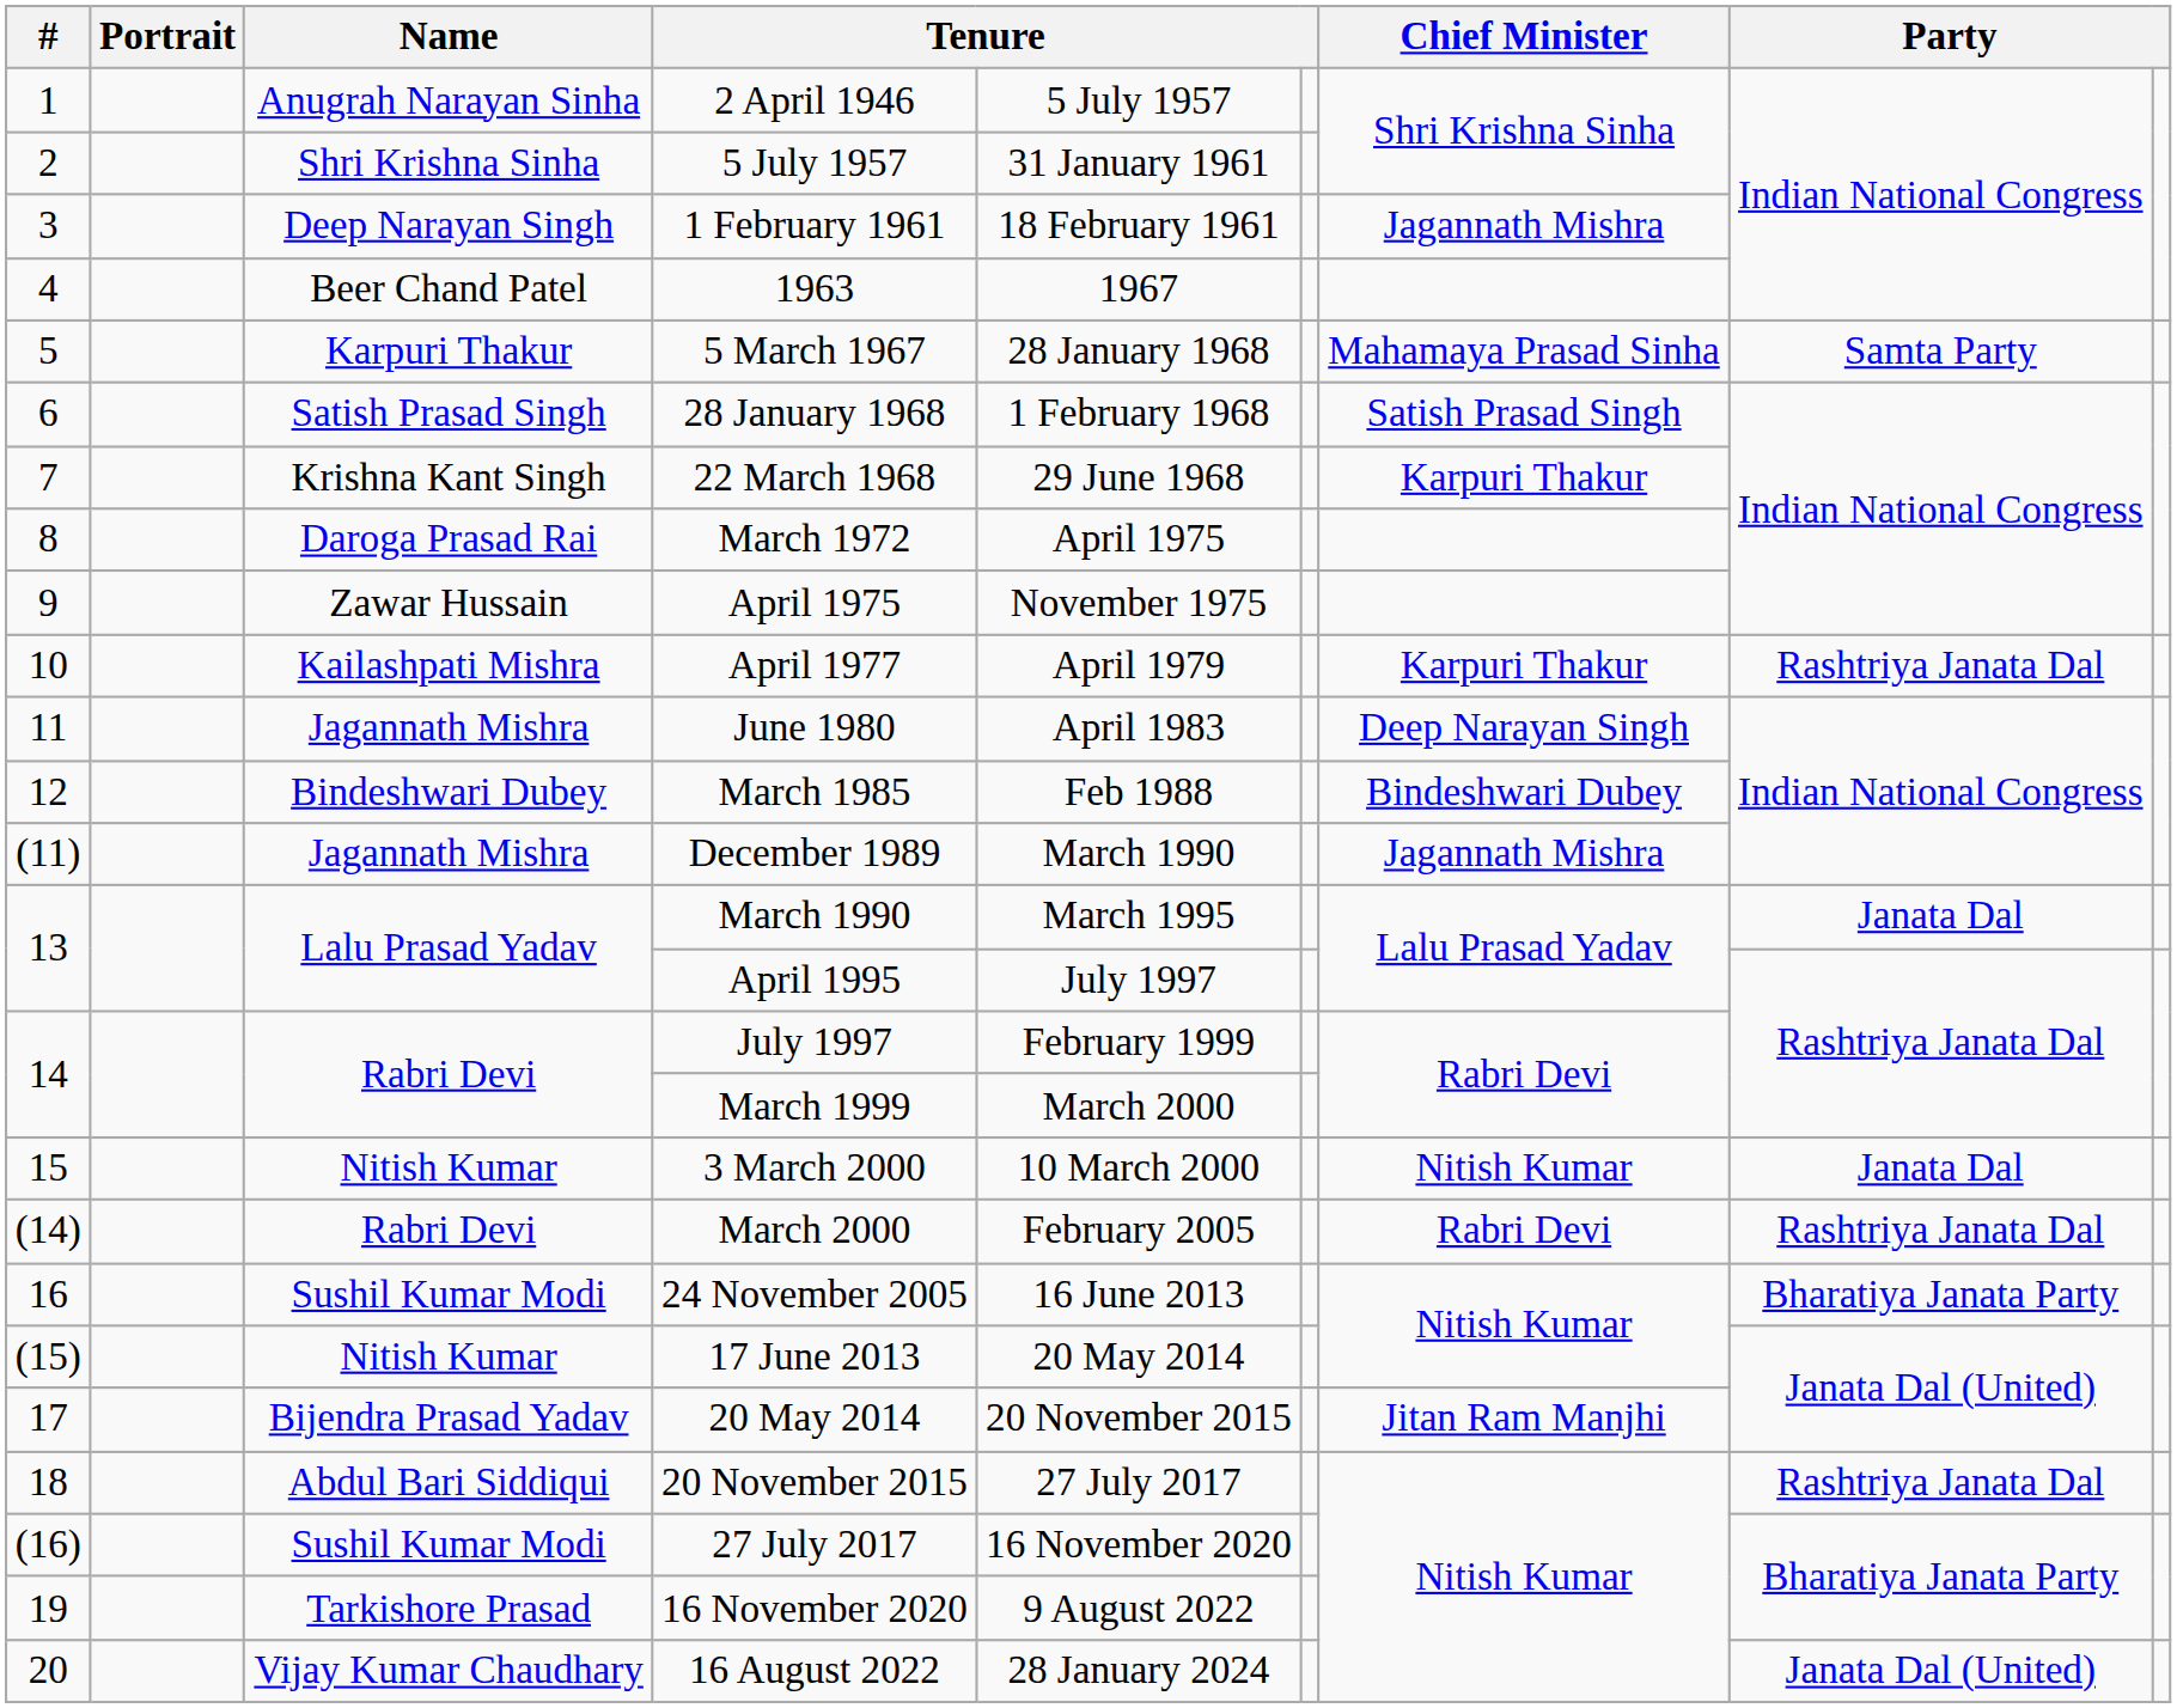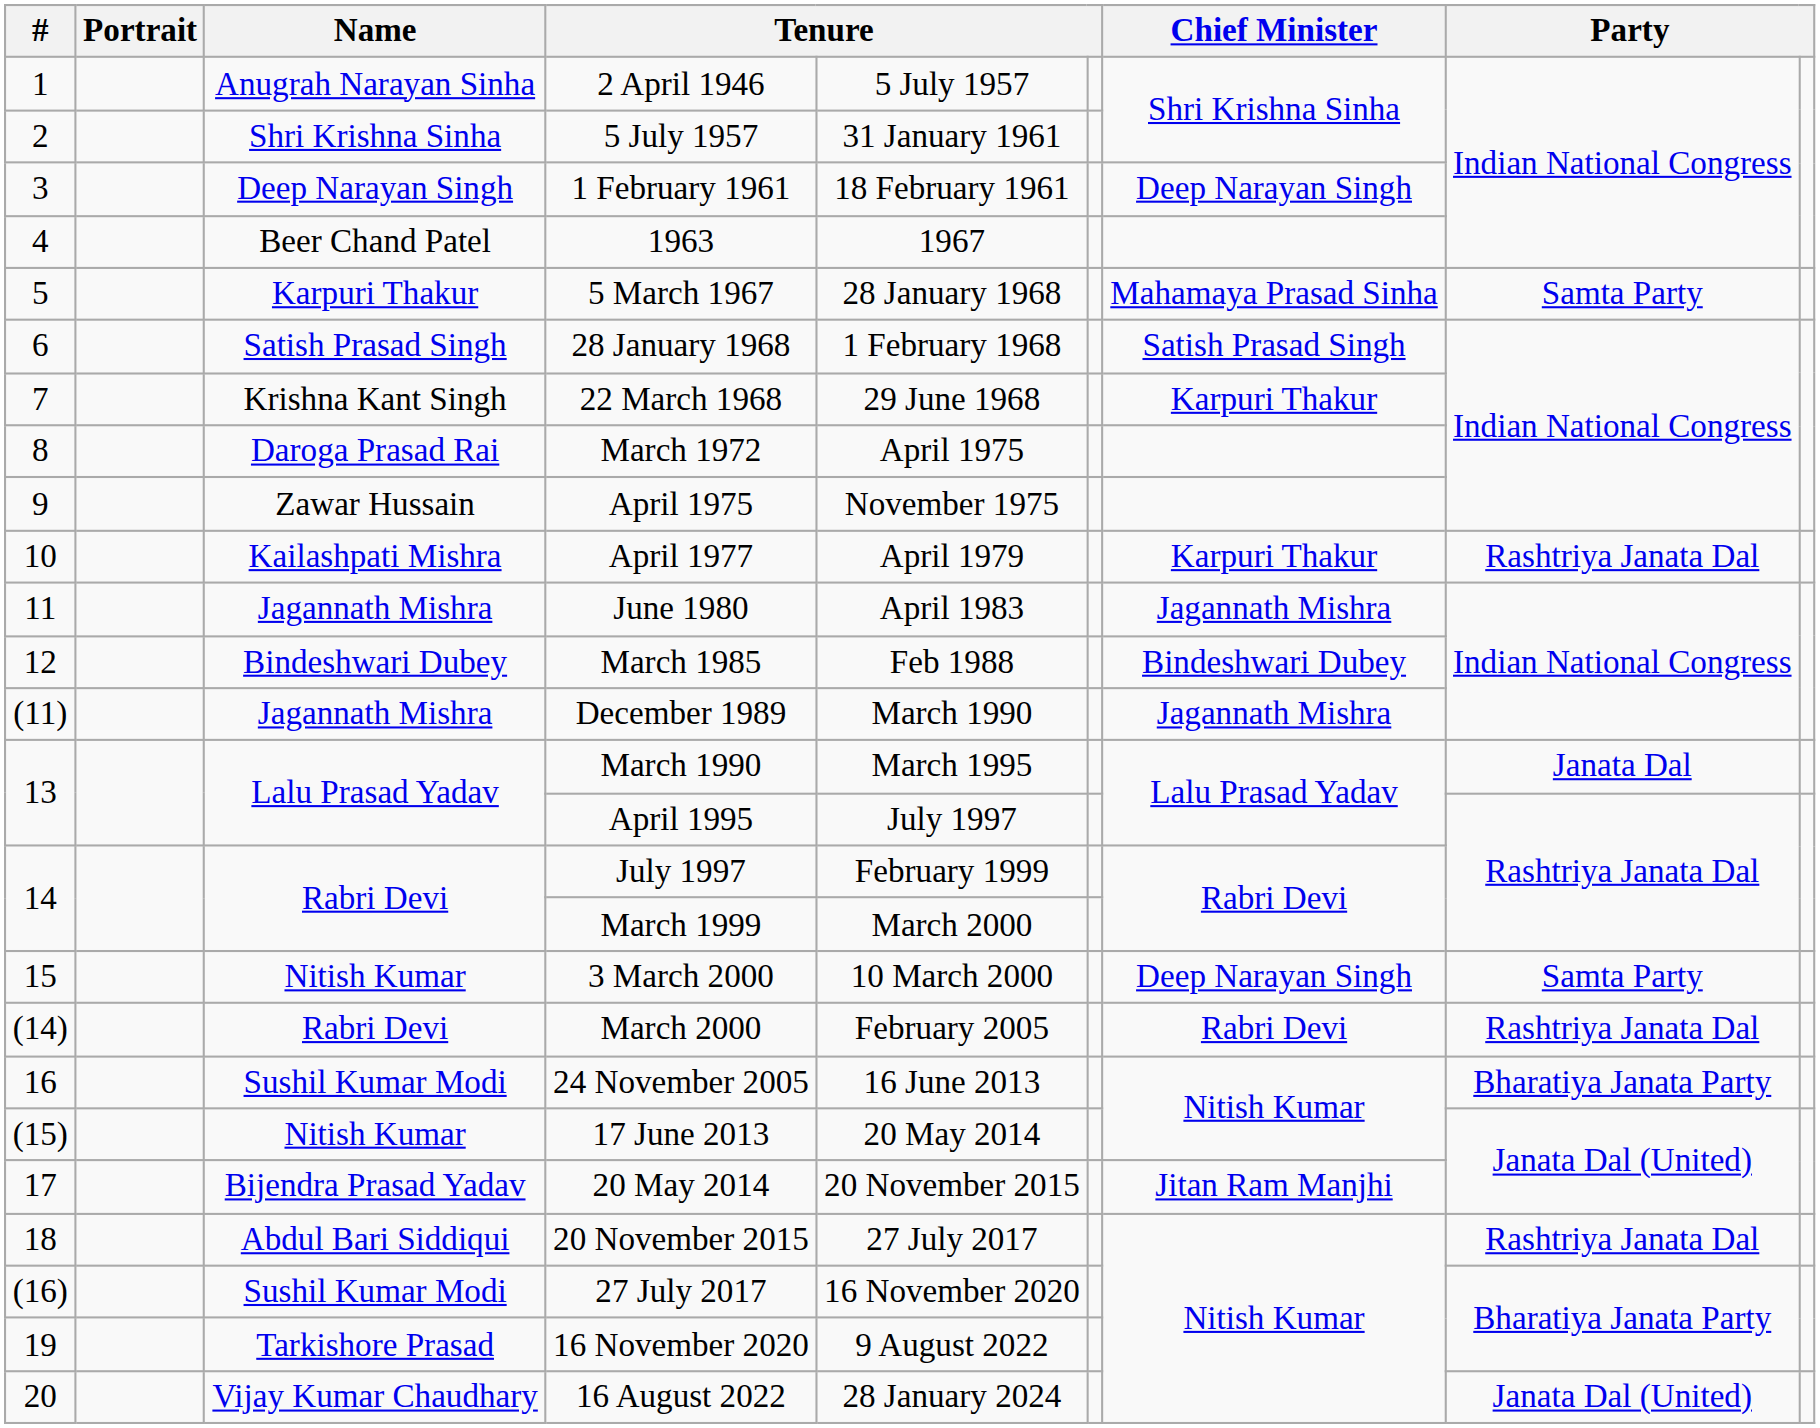 <table class="wikitable sortable">
 <tr>
 <th>#</th>
 <th>Portrait</th>
 <th>Name</th>
 <th colspan="3">Tenure</th>
 <th><a href='#'>Chief Minister</a></th>
 <th colspan="2">Party</th>
 </tr>
 <tr align="center">
 <td>1</td>
 <td></td>
 <td><a href='#'>Anugrah Narayan Sinha</a></td>
 <td>2 April 1946</td>
 <td>5 July 1957</td>
 <td></td>
 <td rowspan="2"><a href='#'>Shri Krishna Sinha</a></td>
 <td rowspan="4"><a href='#'>Indian National Congress</a></td>
 <td rowspan="4" style="background-color: "></td>
 </tr>
 <tr align="center">
 <td>2</td>
 <td></td>
 <td><a href='#'>Shri Krishna Sinha</a></td>
 <td>5 July 1957</td>
 <td>31 January 1961</td>
 <td></td>
 </tr>
 <tr align="center">
 <td>3</td>
 <td></td>
 <td><a href='#'>Deep Narayan Singh</a></td>
 <td>1 February 1961</td>
 <td>18 February 1961</td>
 <td></td>
-<td><a href='#'>Jagannath Mishra</a></td>
+<td><a href='#'>Deep Narayan Singh</a></td>
 </tr>
 <tr align="center">
 <td>4</td>
 <td></td>
 <td>Beer Chand Patel</td>
 <td>1963</td>
 <td>1967</td>
 <td></td>
 <td></td>
 </tr>
 <tr align="center">
 <td>5</td>
 <td></td>
 <td><a href='#'>Karpuri Thakur</a></td>
 <td>5 March 1967</td>
 <td>28 January 1968</td>
 <td></td>
 <td><a href='#'>Mahamaya Prasad Sinha</a></td>
 <td><a href='#'>Samta Party</a></td>
 <td style="background-color: "></td>
 </tr>
 <tr align="center">
 <td>6</td>
 <td></td>
 <td><a href='#'>Satish Prasad Singh</a></td>
 <td>28 January 1968</td>
 <td>1 February 1968</td>
 <td></td>
 <td><a href='#'>Satish Prasad Singh</a></td>
 <td rowspan="4"><a href='#'>Indian National Congress</a></td>
 <td rowspan="4" style="background-color: "></td>
 </tr>
 <tr align="center">
 <td>7</td>
 <td></td>
 <td>Krishna Kant Singh</td>
 <td>22 March 1968</td>
 <td>29 June 1968</td>
 <td></td>
 <td><a href='#'>Karpuri Thakur</a></td>
 </tr>
 <tr align="center">
 <td>8</td>
 <td></td>
 <td><a href='#'>Daroga Prasad Rai</a></td>
 <td>March 1972</td>
 <td>April 1975</td>
 <td></td>
 <td></td>
 </tr>
 <tr align="center">
 <td>9</td>
 <td></td>
 <td>Zawar Hussain</td>
 <td>April 1975</td>
 <td>November 1975</td>
 <td></td>
 <td></td>
 </tr>
 <tr align="center">
 <td>10</td>
 <td></td>
 <td><a href='#'>Kailashpati Mishra</a></td>
 <td>April 1977</td>
 <td>April 1979</td>
 <td></td>
 <td><a href='#'>Karpuri Thakur</a></td>
 <td><a href='#'>Rashtriya Janata Dal</a></td>
 <td style="background-color: "></td>
 </tr>
 <tr align="center">
 <td>11</td>
 <td></td>
 <td><a href='#'>Jagannath Mishra</a></td>
 <td>June 1980</td>
 <td>April 1983</td>
 <td></td>
-<td><a href='#'>Deep Narayan Singh</a></td>
+<td><a href='#'>Jagannath Mishra</a></td>
 <td rowspan="3"><a href='#'>Indian National Congress</a></td>
 <td rowspan="3" style="background-color: "></td>
 </tr>
 <tr align="center">
 <td>12</td>
 <td></td>
 <td><a href='#'>Bindeshwari Dubey</a></td>
 <td>March 1985</td>
 <td>Feb 1988</td>
 <td></td>
 <td><a href='#'>Bindeshwari Dubey</a></td>
 </tr>
 <tr align="center">
 <td>(11)</td>
 <td></td>
 <td><a href='#'>Jagannath Mishra</a></td>
 <td>December 1989</td>
 <td>March 1990</td>
 <td></td>
 <td><a href='#'>Jagannath Mishra</a></td>
 </tr>
 <tr align="center">
 <td rowspan="2">13</td>
 <td rowspan="2"></td>
 <td rowspan="2"><a href='#'>Lalu Prasad Yadav</a></td>
 <td>March 1990</td>
 <td>March 1995</td>
 <td></td>
 <td rowspan="2"><a href='#'>Lalu Prasad Yadav</a></td>
 <td><a href='#'>Janata Dal</a></td>
 <td style="background-color: "></td>
 </tr>
 <tr align="center">
 <td>April 1995</td>
 <td>July 1997</td>
 <td></td>
 <td rowspan="3"><a href='#'>Rashtriya Janata Dal</a></td>
 <td rowspan="3" style="background-color: "></td>
 </tr>
 <tr align="center">
 <td rowspan="2">14</td>
 <td rowspan="2"></td>
 <td rowspan="2"><a href='#'>Rabri Devi</a></td>
 <td>July 1997</td>
 <td>February 1999</td>
 <td></td>
 <td rowspan="2"><a href='#'>Rabri Devi</a></td>
 </tr>
 <tr align="center">
 <td>March 1999</td>
 <td>March 2000</td>
 <td></td>
 </tr>
 <tr align="center">
 <td>15</td>
 <td></td>
 <td><a href='#'>Nitish Kumar</a></td>
 <td>3 March 2000</td>
 <td>10 March 2000</td>
 <td></td>
-<td><a href='#'>Nitish Kumar</a></td>
-<td><a href='#'>Janata Dal</a></td>
+<td><a href='#'>Deep Narayan Singh</a></td>
+<td><a href='#'>Samta Party</a></td>
 <td style="background-color: "></td>
 </tr>
 <tr align="center">
 <td>(14)</td>
 <td></td>
 <td><a href='#'>Rabri Devi</a></td>
 <td>March 2000</td>
 <td>February 2005</td>
 <td></td>
 <td><a href='#'>Rabri Devi</a></td>
 <td><a href='#'>Rashtriya Janata Dal</a></td>
 <td style="background-color: "></td>
 </tr>
 <tr align="center">
 <td>16</td>
 <td></td>
 <td><a href='#'>Sushil Kumar Modi</a></td>
 <td>24 November 2005</td>
 <td>16 June 2013</td>
 <td></td>
 <td rowspan="2"><a href='#'>Nitish Kumar</a></td>
 <td><a href='#'>Bharatiya Janata Party</a></td>
 <td style="background-color: "></td>
 </tr>
 <tr align="center">
 <td>(15)</td>
 <td></td>
 <td><a href='#'>Nitish Kumar</a></td>
 <td>17 June 2013</td>
 <td>20 May 2014</td>
 <td></td>
 <td rowspan="2"><a href='#'>Janata Dal (United)</a></td>
 <td rowspan="2" style="background-color: "></td>
 </tr>
 <tr align="center">
 <td>17</td>
 <td></td>
 <td><a href='#'>Bijendra Prasad Yadav</a></td>
 <td>20 May 2014</td>
 <td>20 November 2015</td>
 <td></td>
 <td><a href='#'>Jitan Ram Manjhi</a></td>
 </tr>
 <tr align="center">
 <td>18</td>
 <td></td>
 <td><a href='#'>Abdul Bari Siddiqui</a></td>
 <td>20 November 2015</td>
 <td>27 July 2017</td>
 <td></td>
 <td rowspan="4"><a href='#'>Nitish Kumar</a></td>
 <td><a href='#'>Rashtriya Janata Dal</a></td>
 <td style="background-color: "></td>
 </tr>
 <tr align="center">
 <td>(16)</td>
 <td></td>
 <td><a href='#'>Sushil Kumar Modi</a></td>
 <td>27 July 2017</td>
 <td>16 November 2020</td>
 <td></td>
 <td rowspan="2"><a href='#'>Bharatiya Janata Party</a></td>
 <td rowspan="2" style="background-color: "></td>
 </tr>
 <tr align="center">
 <td>19</td>
 <td></td>
 <td><a href='#'>Tarkishore Prasad</a></td>
 <td>16 November 2020</td>
 <td>9 August 2022</td>
 <td></td>
 </tr>
 <tr align="center">
 <td>20</td>
 <td></td>
 <td><a href='#'>Vijay Kumar Chaudhary</a></td>
 <td>16 August  2022</td>
 <td>28 January 2024</td>
 <td></td>
 <td><a href='#'>Janata Dal (United)</a></td>
 <td rowspan="2" style="background-color: "></td>
 </tr>
 </table>
